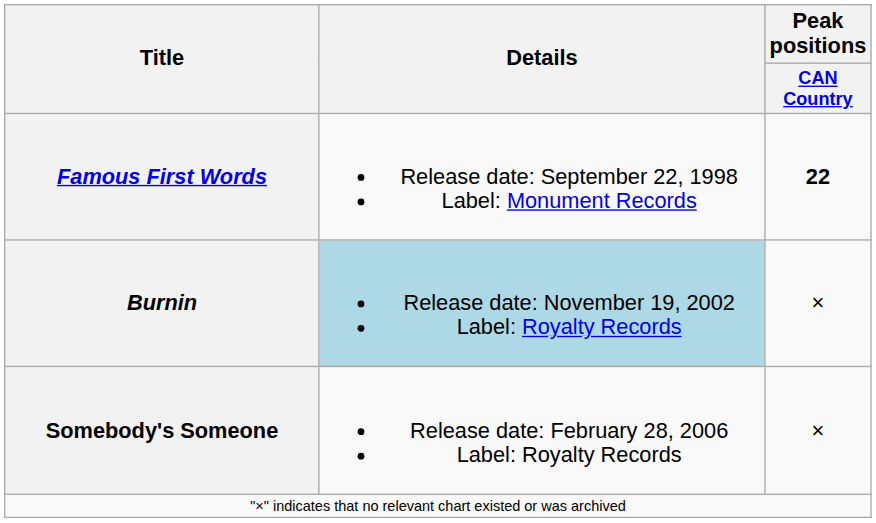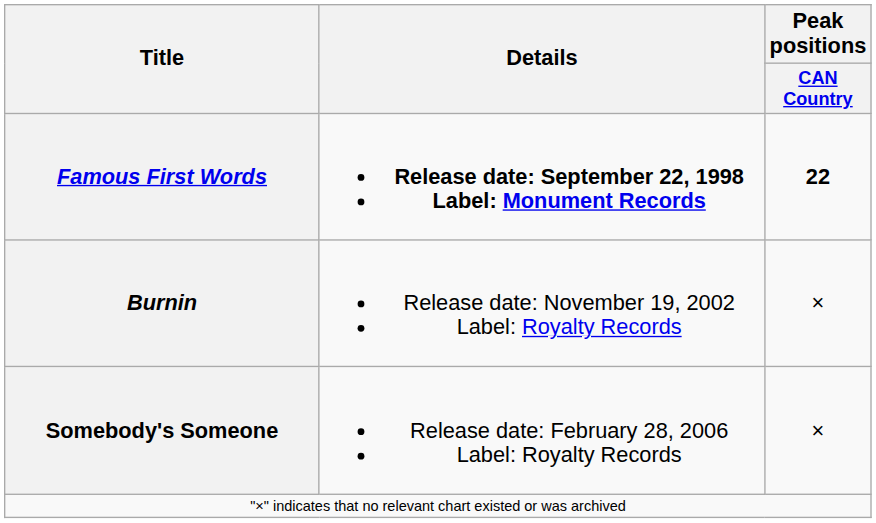 <table class="wikitable plainrowheaders" style="text-align:center;">
 <tr>
 <th rowspan="2" style="width:14em;">Title</th>
 <th rowspan="2" style="width:20em;">Details</th>
 <th>Peak positions</th>
 </tr>
 <tr style="font-size:smaller;">
 <th width="65"><a href='#'>CAN Country</a><br></th>
 </tr>
 <tr>
 <th scope="row"><em><a href='#'>Famous First Words</a></em></th>
-<td><br><ul><li>Release date: September 22, 1998</li><li>Label: <a href='#'>Monument Records</a></li></ul></td>
+<td><strong><br><ul><li>Release date: September 22, 1998</li><li>Label: <a href='#'>Monument Records</a></li></ul></strong></td>
 <td><strong>22</strong></td>
 </tr>
 <tr>
 <th scope="row"><em>Burnin<strong></th>
-<td style="background: lightblue;"><br><ul><li>Release date: November 19, 2002</li><li>Label: <a href='#'>Royalty Records</a></li></ul></td>
+<td><br><ul><li>Release date: November 19, 2002</li><li>Label: <a href='#'>Royalty Records</a></li></ul></td>
 <td>×</td>
 </tr>
 <tr>
 <th scope="row"></em>Somebody's Someone<em></th>
 <td><br><ul><li>Release date: February 28, 2006</li><li>Label: Royalty Records</li></ul></td>
 <td>×</td>
 </tr>
 <tr>
 <td colspan="4" style="font-size:8pt">"×" indicates that no relevant chart existed or was archived</td>
 </tr>
 </table>
